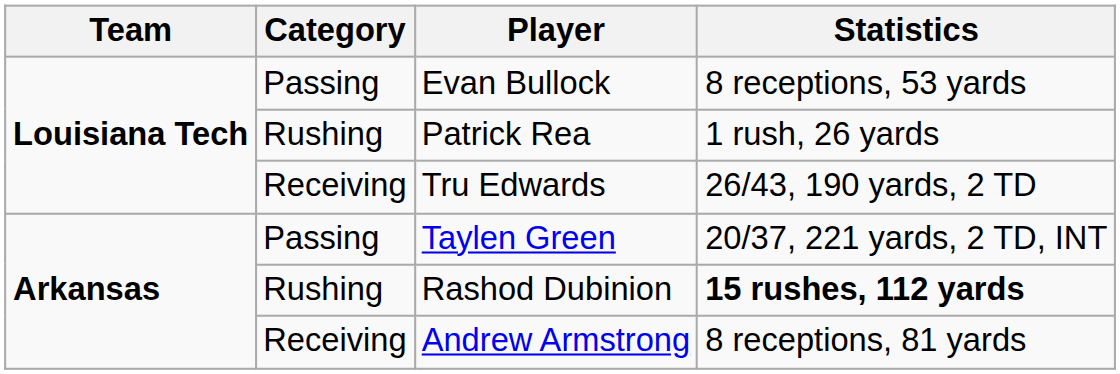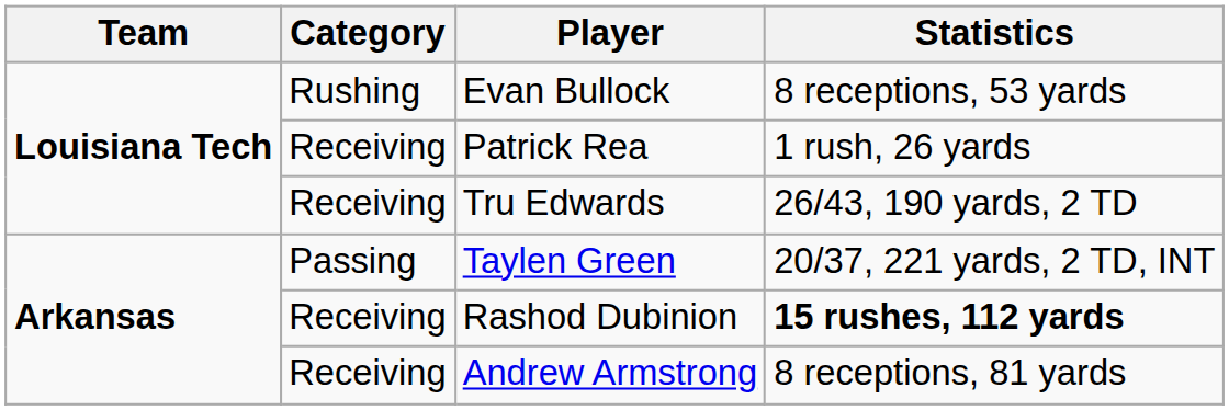 <table class="wikitable" style="float: right;">
 <tr>
 <th>Team</th>
 <th>Category</th>
 <th>Player</th>
 <th>Statistics</th>
 </tr>
 <tr>
 <td rowspan=3><strong>Louisiana Tech</strong></td>
-<td>Passing</td>
+<td>Rushing</td>
 <td>Evan Bullock</td>
 <td>8 receptions, 53 yards</td>
 </tr>
 <tr>
-<td>Rushing</td>
+<td>Receiving</td>
 <td>Patrick Rea</td>
 <td>1 rush, 26 yards</td>
 </tr>
 <tr>
 <td>Receiving</td>
 <td>Tru Edwards</td>
 <td>26/43, 190 yards, 2 TD</td>
 </tr>
 <tr>
 <td rowspan=3><strong>Arkansas</strong></td>
 <td>Passing</td>
 <td><a href='#'>Taylen Green</a></td>
 <td>20/37, 221 yards, 2 TD, INT</td>
 </tr>
 <tr>
-<td>Rushing</td>
+<td>Receiving</td>
 <td>Rashod Dubinion</td>
 <td><strong>15 rushes, 112 yards</strong></td>
 </tr>
 <tr>
 <td>Receiving</td>
 <td><a href='#'>Andrew Armstrong</a></td>
 <td>8 receptions, 81 yards</td>
 </tr>
 </table>
